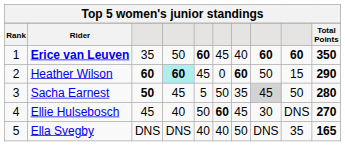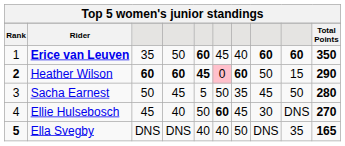 <table class="wikitable sortable">
 <tr>
 <th colspan=27 align="center"><strong>Top 5 women's junior standings</strong></th>
 </tr>
 <tr>
 </tr>
 <tr style="font-size:8pt;font-weight:bold">
 <th align="center">Rank</th>
 <th align="center">Rider</th>
 <th class=unsortable style="background:#E5E4E2;"><small></small></th>
 <th class=unsortable style="background:#E5E4E2;"><small></small></th>
 <th class=unsortable style="background:#E5E4E2;"><small></small></th>
 <th class=unsortable style="background:#E5E4E2;"><small></small></th>
 <th class=unsortable style="background:#E5E4E2;"><small></small></th>
 <th class=unsortable style="background:#E5E4E2;"><small></small></th>
 <th class=unsortable style="background:#E5E4E2;"><small></small></th>
 <th align="center">Total<br>Points</th>
 </tr>
 <tr>
 <td align=center>1</td>
 <td> <strong><a href='#'>Erice van Leuven</a></strong></td>
 <td align=center>35</td>
 <td align=center>50</td>
 <td align=center><strong>60</strong></td>
 <td align=center>45</td>
 <td align=center>40</td>
 <td align=center><strong>60</strong></td>
 <td align=center><strong>60</strong></td>
 <td align=center><strong>350</strong></td>
 </tr>
 <tr>
-<td align=center>2</td>
+<td align=center><strong>2</strong></td>
 <td> <a href='#'>Heather Wilson</a></td>
 <td align=center><strong>60</strong></td>
-<td align=center style="background: paleturquoise;"><strong>60</strong></td>
-<td align=center>45</td>
-<td align=center>0</td>
+<td align=center><strong>60</strong></td>
+<td align=center><strong>45</strong></td>
+<td align=center style="background: pink;">0</td>
 <td align=center><strong>60</strong></td>
 <td align=center>50</td>
 <td align=center>15</td>
 <td align=center><strong>290</strong></td>
 </tr>
 <tr>
 <td align=center>3</td>
 <td> <a href='#'>Sacha Earnest</a></td>
-<td align=center><strong>50</strong></td>
+<td align=center>50</td>
 <td align=center>45</td>
 <td align=center>5</td>
 <td align=center>50</td>
 <td align=center>35</td>
-<td align=center style="background: lightgrey;">45</td>
+<td align=center>45</td>
 <td align=center>50</td>
 <td align=center><strong>280</strong></td>
 </tr>
 <tr>
 <td align=center>4</td>
 <td> <a href='#'>Ellie Hulsebosch</a></td>
 <td align=center>45</td>
 <td align=center>40</td>
 <td align=center>50</td>
 <td align=center><strong>60</strong></td>
 <td align=center>45</td>
 <td align=center>30</td>
 <td align=center>DNS</td>
 <td align=center><strong>270</strong></td>
 </tr>
 <tr>
-<td align=center>5</td>
+<td align=center><strong>5</strong></td>
 <td> <a href='#'>Ella Svegby</a></td>
 <td align=center>DNS</td>
 <td align=center>DNS</td>
 <td align=center>40</td>
 <td align=center>40</td>
 <td align=center>50</td>
 <td align=center>DNS</td>
 <td align=center>35</td>
 <td align=center><strong>165</strong><br></td>
 </tr>
 </table>
